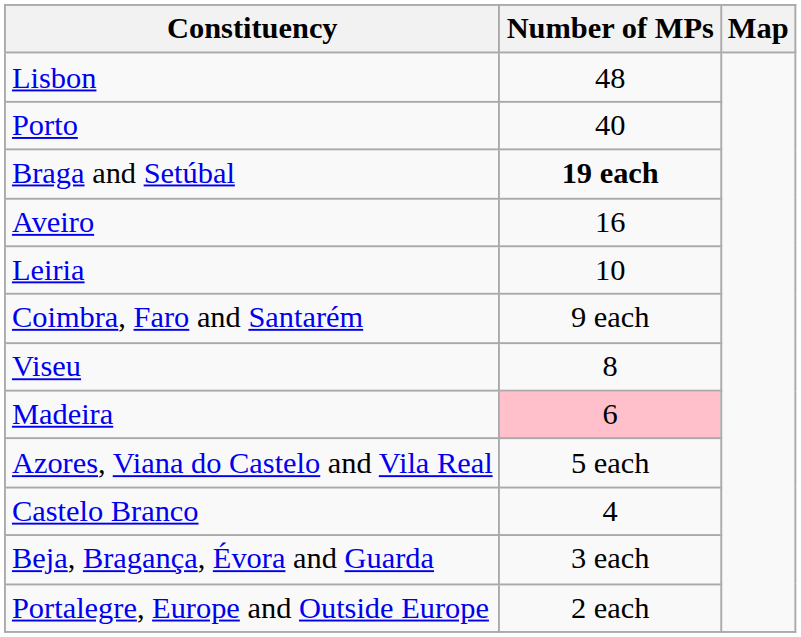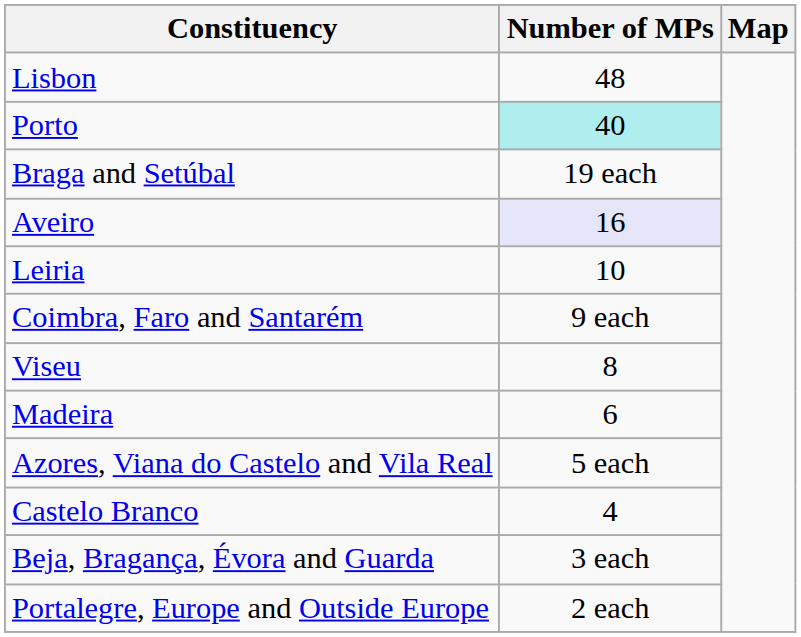 <table class="wikitable">
 <tr>
 <th>Constituency</th>
 <th>Number of MPs</th>
 <th>Map</th>
 </tr>
 <tr>
 <td><a href='#'>Lisbon</a></td>
 <td style="text-align:center;">48</td>
 <td rowspan="12" style="text-align:center;"></td>
 </tr>
 <tr>
 <td><a href='#'>Porto</a></td>
-<td style="text-align:center;">40</td>
+<td style="background: paleturquoise; text-align:center;">40</td>
 </tr>
 <tr>
 <td><a href='#'>Braga</a> and <a href='#'>Setúbal</a></td>
-<td style="text-align:center;"><strong>19 each</strong></td>
+<td style="text-align:center;">19 each</td>
 </tr>
 <tr>
 <td><a href='#'>Aveiro</a></td>
-<td style="text-align:center;">16</td>
+<td style="background: lavender; text-align:center;">16</td>
 </tr>
 <tr>
 <td><a href='#'>Leiria</a></td>
 <td style="text-align:center;">10</td>
 </tr>
 <tr>
 <td><a href='#'>Coimbra</a>, <a href='#'>Faro</a> and <a href='#'>Santarém</a></td>
 <td style="text-align:center;">9 each</td>
 </tr>
 <tr>
 <td><a href='#'>Viseu</a></td>
 <td style="text-align:center;">8</td>
 </tr>
 <tr>
 <td><a href='#'>Madeira</a></td>
-<td style="background: pink; text-align:center;">6</td>
+<td style="text-align:center;">6</td>
 </tr>
 <tr>
 <td><a href='#'>Azores</a>, <a href='#'>Viana do Castelo</a> and <a href='#'>Vila Real</a></td>
 <td style="text-align:center;">5 each</td>
 </tr>
 <tr>
 <td><a href='#'>Castelo Branco</a></td>
 <td style="text-align:center;">4</td>
 </tr>
 <tr>
 <td><a href='#'>Beja</a>, <a href='#'>Bragança</a>, <a href='#'>Évora</a> and <a href='#'>Guarda</a></td>
 <td style="text-align:center;">3 each</td>
 </tr>
 <tr>
 <td><a href='#'>Portalegre</a>, <a href='#'>Europe</a> and <a href='#'>Outside Europe</a></td>
 <td style="text-align:center;">2 each</td>
 </tr>
 </table>
